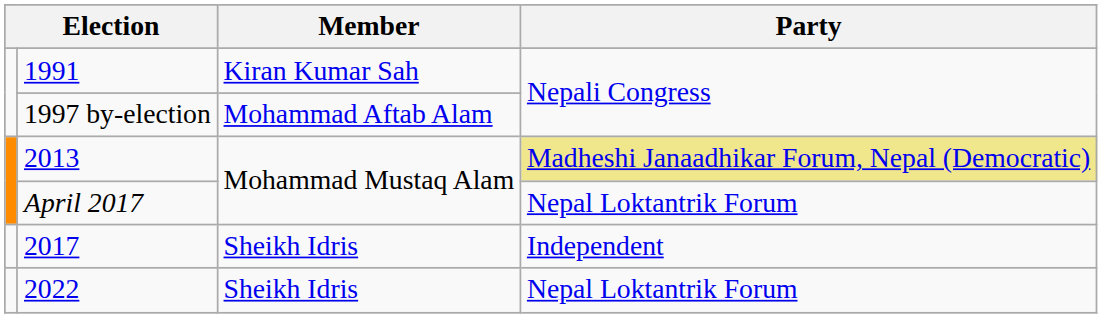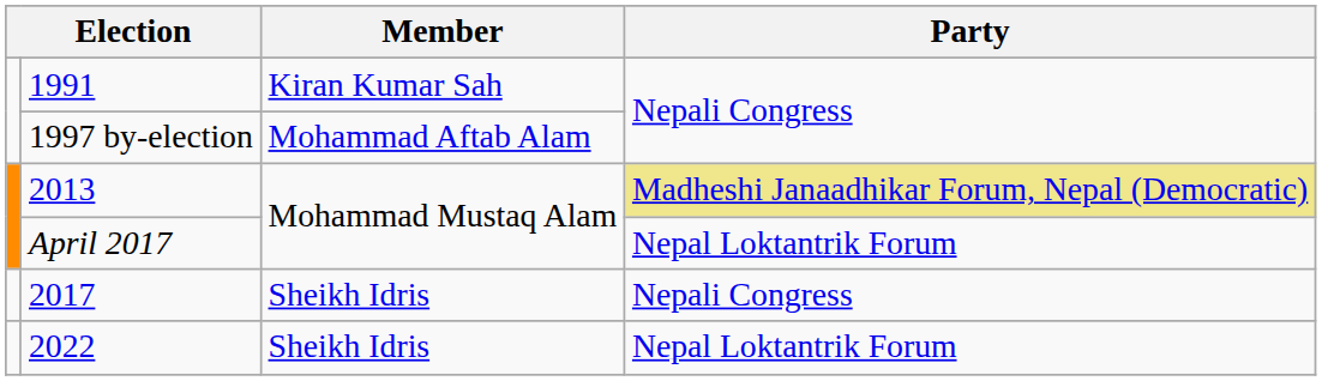 <table class="wikitable">
 <tr>
 <th colspan="2">Election</th>
 <th>Member</th>
 <th>Party</th>
 </tr>
 <tr>
 <td rowspan="2" style="background-color:"></td>
 <td><a href='#'>1991</a></td>
 <td><a href='#'>Kiran Kumar Sah</a></td>
 <td rowspan="2"><a href='#'>Nepali Congress</a></td>
 </tr>
 <tr>
 <td>1997 by-election</td>
 <td><a href='#'>Mohammad Aftab Alam</a></td>
 </tr>
 <tr>
 <td rowspan="2" style="background-color:darkorange"></td>
 <td><a href='#'>2013</a></td>
 <td rowspan="2">Mohammad Mustaq Alam</td>
 <td style="background: khaki;"><a href='#'>Madheshi Janaadhikar Forum, Nepal (Democratic)</a></td>
 </tr>
 <tr>
 <td><em>April 2017</em></td>
 <td><a href='#'>Nepal Loktantrik Forum</a></td>
 </tr>
 <tr>
 <td style="background-color:"></td>
 <td><a href='#'>2017</a></td>
 <td><a href='#'>Sheikh Idris</a></td>
-<td><a href='#'>Independent</a></td>
+<td><a href='#'>Nepali Congress</a></td>
 </tr>
 <tr>
 <td></td>
 <td><a href='#'>2022</a></td>
 <td><a href='#'>Sheikh Idris</a></td>
 <td><a href='#'>Nepal Loktantrik Forum</a></td>
 </tr>
 </table>
